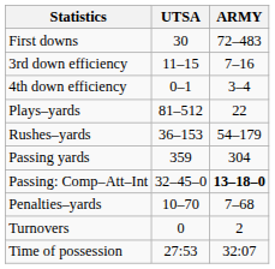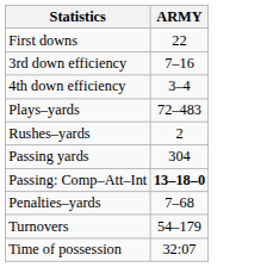 <table class="wikitable">
 <tr>
 <th>Statistics</th>
-<th>UTSA</th>
 <th>ARMY</th>
 </tr>
 <tr>
 <td>First downs</td>
-<td align=center>30</td>
-<td align=center>72–483</td>
+<td align=center>22</td>
 </tr>
 <tr>
 <td>3rd down efficiency</td>
-<td align=center>11–15</td>
 <td align=center>7–16</td>
 </tr>
 <tr>
 <td>4th down efficiency</td>
-<td align=center>0–1</td>
 <td align=center>3–4</td>
 </tr>
 <tr>
 <td>Plays–yards</td>
-<td align=center>81–512</td>
-<td align=center>22</td>
+<td align=center>72–483</td>
 </tr>
 <tr>
 <td>Rushes–yards</td>
-<td align=center>36–153</td>
-<td align=center>54–179</td>
+<td align=center>2</td>
 </tr>
 <tr>
 <td>Passing yards</td>
-<td align=center>359</td>
 <td align=center>304</td>
 </tr>
 <tr>
 <td>Passing: Comp–Att–Int</td>
-<td align=center>32–45–0</td>
 <td align=center><strong>13–18–0</strong></td>
 </tr>
 <tr>
 <td>Penalties–yards</td>
-<td align=center>10–70</td>
 <td align=center>7–68</td>
 </tr>
 <tr>
 <td>Turnovers</td>
-<td align=center>0</td>
-<td align=center>2</td>
+<td align=center>54–179</td>
 </tr>
 <tr>
 <td>Time of possession</td>
-<td align=center>27:53</td>
 <td align=center>32:07</td>
 </tr>
 </table>
